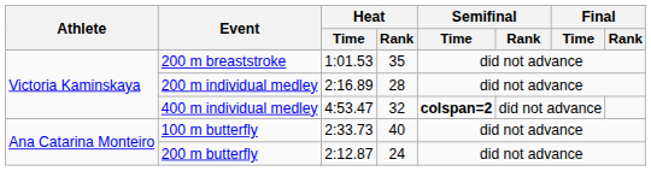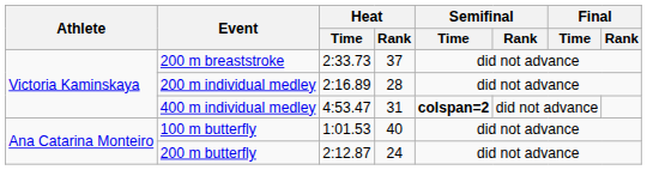 <table class=wikitable style="font-size:90%">
 <tr>
 <th rowspan="2">Athlete</th>
 <th rowspan="2">Event</th>
 <th colspan="2">Heat</th>
 <th colspan="2">Semifinal</th>
 <th colspan="2">Final</th>
 </tr>
 <tr style="font-size:95%">
 <th>Time</th>
 <th>Rank</th>
 <th>Time</th>
 <th>Rank</th>
 <th>Time</th>
 <th>Rank</th>
 </tr>
 <tr align=center>
 <td align=left rowspan=3><a href='#'>Victoria Kaminskaya</a></td>
 <td align=left><a href='#'>200 m breaststroke</a></td>
-<td>1:01.53</td>
-<td>35</td>
+<td>2:33.73</td>
+<td>37</td>
 <td colspan=4>did not advance</td>
 </tr>
 <tr align=center>
 <td align=left><a href='#'>200 m individual medley</a></td>
 <td>2:16.89</td>
 <td>28</td>
 <td colspan=4>did not advance</td>
 </tr>
 <tr align=center>
 <td align=left><a href='#'>400 m individual medley</a></td>
 <td>4:53.47</td>
-<td>32</td>
+<td>31</td>
 <td><strong>colspan=2 </strong></td>
 <td colspan=2>did not advance</td>
 </tr>
 <tr align=center>
 <td align=left rowspan=2><a href='#'>Ana Catarina Monteiro</a></td>
 <td align=left><a href='#'>100 m butterfly</a></td>
-<td>2:33.73</td>
+<td>1:01.53</td>
 <td>40</td>
 <td colspan=4>did not advance</td>
 </tr>
 <tr align=center>
 <td align=left><a href='#'>200 m butterfly</a></td>
 <td>2:12.87</td>
 <td>24</td>
 <td colspan=4>did not advance</td>
 </tr>
 </table>
